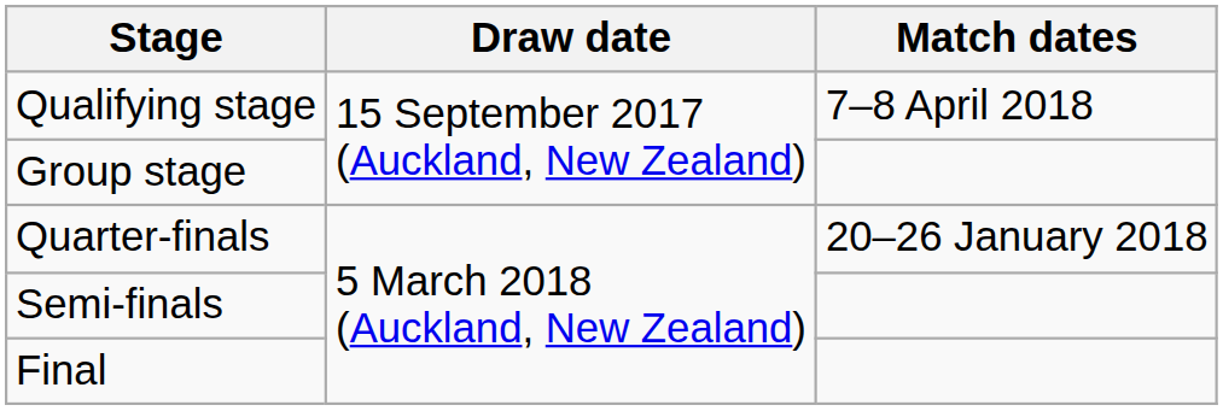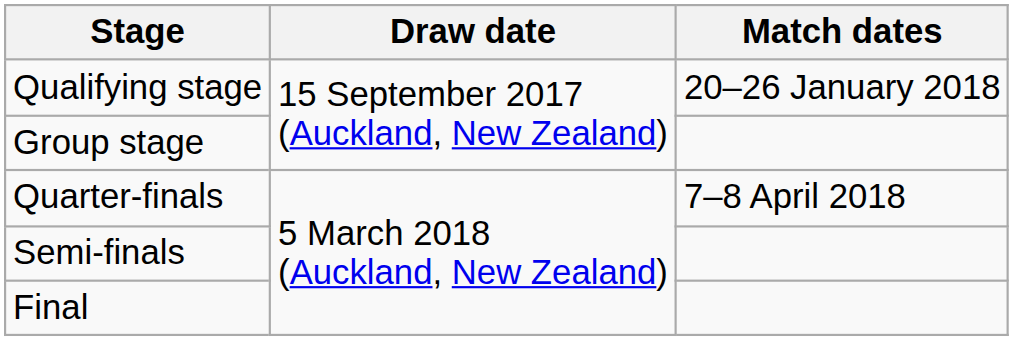 <table class="wikitable">
 <tr>
 <th>Stage</th>
 <th>Draw date</th>
 <th>Match dates</th>
 </tr>
 <tr>
 <td>Qualifying stage</td>
 <td rowspan=2>15 September 2017<br>(<a href='#'>Auckland</a>, <a href='#'>New Zealand</a>)</td>
-<td>7–8 April 2018</td>
+<td>20–26 January 2018</td>
 </tr>
 <tr>
 <td>Group stage</td>
 <td></td>
 </tr>
 <tr>
 <td>Quarter-finals</td>
 <td rowspan=3>5 March 2018<br>(<a href='#'>Auckland</a>, <a href='#'>New Zealand</a>)</td>
-<td>20–26 January 2018</td>
+<td>7–8 April 2018</td>
 </tr>
 <tr>
 <td>Semi-finals</td>
 <td></td>
 </tr>
 <tr>
 <td>Final</td>
 <td></td>
 </tr>
 </table>
